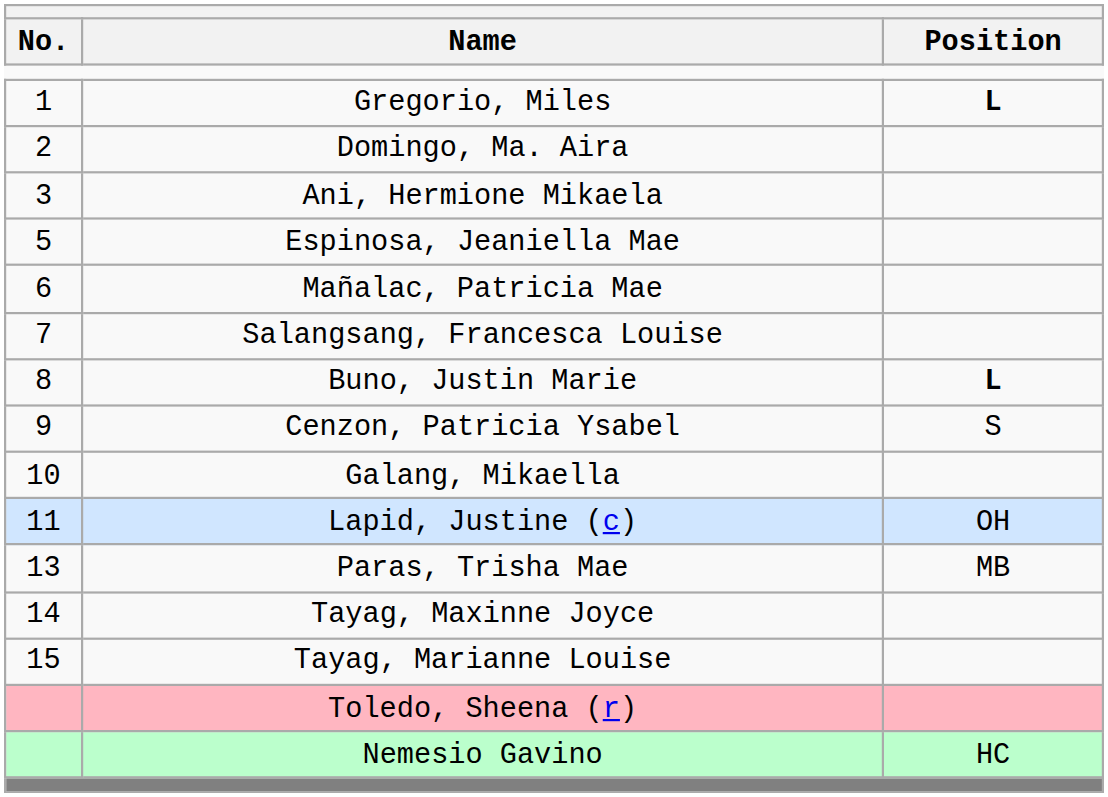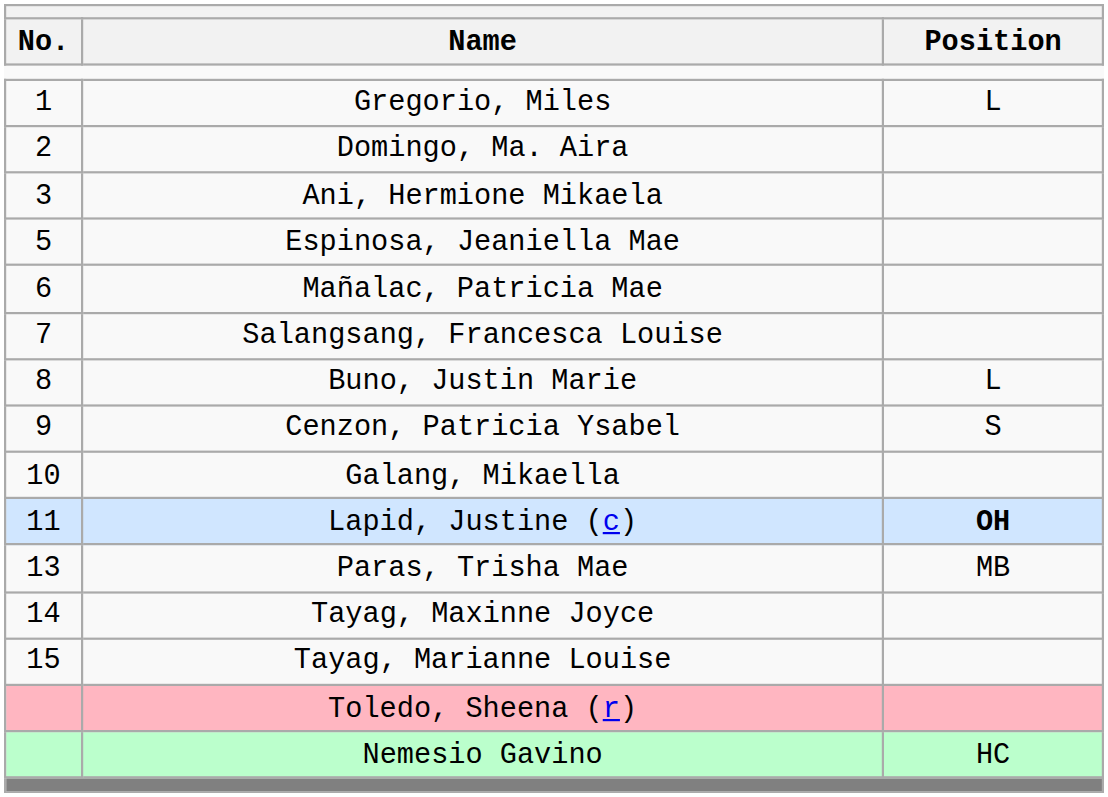 <table class='wikitable mw-collapsible mw-collapsed' style='text-align: center; width: 500px; border: none;'>
 <tr>
 <th style='text-align: left;' colspan=3></th>
 </tr>
 <tr>
 <th style='width: 7%;'>No.</th>
 <th>Name</th>
 <th style='width: 20%;'>Position</th>
 </tr>
 <tr>
 <td style='border: none;'></td>
 </tr>
 <tr>
 <td>1</td>
 <td>Gregorio, Miles</td>
-<td><strong>L</strong></td>
+<td>L</td>
 </tr>
 <tr>
 <td>2</td>
 <td>Domingo, Ma. Aira</td>
 <td></td>
 </tr>
 <tr>
 <td>3</td>
 <td>Ani, Hermione Mikaela</td>
 <td></td>
 </tr>
 <tr>
 <td>5</td>
 <td>Espinosa, Jeaniella Mae</td>
 <td></td>
 </tr>
 <tr>
 <td>6</td>
 <td>Mañalac, Patricia Mae</td>
 <td></td>
 </tr>
 <tr>
 <td>7</td>
 <td>Salangsang, Francesca Louise</td>
 <td></td>
 </tr>
 <tr>
 <td>8</td>
 <td>Buno, Justin Marie</td>
-<td><strong>L</strong></td>
+<td>L</td>
 </tr>
 <tr>
 <td>9</td>
 <td>Cenzon, Patricia Ysabel</td>
 <td>S</td>
 </tr>
 <tr>
 <td>10</td>
 <td>Galang, Mikaella</td>
 <td></td>
 </tr>
 <tr bgcolor=#D0E6FF>
 <td>11</td>
 <td>Lapid, Justine (<a href='#'>c</a>)</td>
-<td>OH</td>
+<td><strong>OH</strong></td>
 </tr>
 <tr>
 <td>13</td>
 <td>Paras, Trisha Mae</td>
 <td>MB</td>
 </tr>
 <tr>
 <td>14</td>
 <td>Tayag, Maxinne Joyce</td>
 <td></td>
 </tr>
 <tr>
 <td>15</td>
 <td>Tayag, Marianne Louise</td>
 <td></td>
 </tr>
 <tr bgcolor=#FFB6C1>
 <td></td>
 <td>Toledo, Sheena (<a href='#'>r</a>)</td>
 <td></td>
 </tr>
 <tr bgcolor=#BBFFCC>
 <td></td>
 <td>Nemesio Gavino</td>
 <td>HC</td>
 </tr>
 <tr>
 <th style='background: grey;' colspan=3></th>
 </tr>
 </table>
